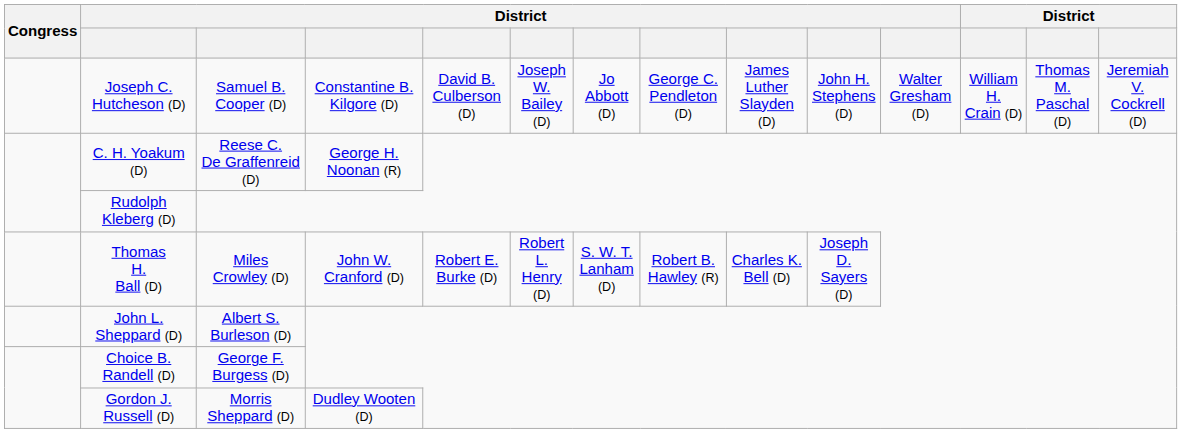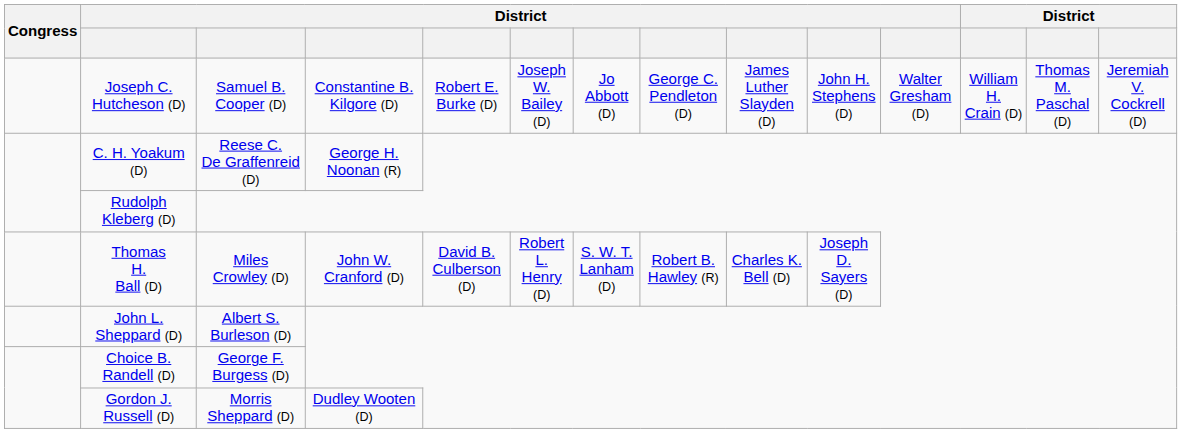 <table class=wikitable style="text-align:center">
 <tr>
 <th rowspan=2>Congress</th>
 <th colspan=10>District</th>
 <th colspan=3>District</th>
 </tr>
 <tr style="height:2em">
 <th></th>
 <th></th>
 <th></th>
 <th></th>
 <th></th>
 <th></th>
 <th></th>
 <th></th>
 <th></th>
 <th></th>
 <th></th>
 <th></th>
 <th></th>
 </tr>
 <tr style="height:2.5em">
 <td><strong></strong> </td>
 <td><a href='#'>Joseph C.<br>Hutcheson</a> <small>(D)</small></td>
 <td><a href='#'>Samuel B.<br>Cooper</a> <small>(D)</small></td>
 <td><a href='#'>Constantine B.<br>Kilgore</a> <small>(D)</small></td>
-<td><a href='#'>David B.<br>Culberson</a> <small>(D)</small></td>
+<td><a href='#'>Robert E.<br>Burke</a> <small>(D)</small></td>
 <td><a href='#'>Joseph<br>W.<br>Bailey</a> <small>(D)</small></td>
 <td><a href='#'>Jo<br>Abbott</a> <small>(D)</small></td>
 <td><a href='#'>George C.<br>Pendleton</a> <small>(D)</small></td>
 <td><a href='#'>James Luther<br>Slayden</a> <small>(D)</small></td>
 <td><a href='#'>John H.<br>Stephens</a><br><small>(D)</small></td>
 <td><a href='#'>Walter<br>Gresham</a> <small>(D)</small></td>
 <td><a href='#'>William H.<br>Crain</a> <small>(D)</small></td>
 <td><a href='#'>Thomas M.<br>Paschal</a> <small>(D)</small></td>
 <td><a href='#'>Jeremiah V.<br>Cockrell</a> <small>(D)</small></td>
 </tr>
 <tr style="height:2em">
 <td rowspan=2><strong></strong> </td>
 <td><a href='#'>C. H. Yoakum</a> <small>(D)</small></td>
 <td><a href='#'>Reese C.<br>De Graffen­reid</a> <small>(D)</small></td>
 <td><a href='#'>George H.<br>Noonan</a> <small>(R)</small></td>
 </tr>
 <tr style="height:2em">
 <td><a href='#'>Rudolph<br>Kleberg</a> <small>(D)</small></td>
 </tr>
 <tr style="height:2.5em">
 <td><strong></strong> </td>
 <td><a href='#'>Thomas<br>H.<br>Ball</a> <small>(D)</small></td>
 <td><a href='#'>Miles<br>Crowley</a> <small>(D)</small></td>
 <td><a href='#'>John W. Cranford</a> <small>(D)</small></td>
-<td><a href='#'>Robert E.<br>Burke</a> <small>(D)</small></td>
+<td><a href='#'>David B.<br>Culberson</a> <small>(D)</small></td>
 <td><a href='#'>Robert L.<br>Henry</a> <small>(D)</small></td>
 <td><a href='#'>S. W. T.<br>Lanham</a><br><small>(D)</small></td>
 <td><a href='#'>Robert B.<br>Hawley</a> <small>(R)</small></td>
 <td><a href='#'>Charles K.<br>Bell</a> <small>(D)</small></td>
 <td><a href='#'>Joseph D.<br>Sayers</a> <small>(D)</small></td>
 </tr>
 <tr style="height:2.5em">
 <td><strong></strong> </td>
 <td><a href='#'>John L.<br>Sheppard</a> <small>(D)</small></td>
 <td><a href='#'>Albert S.<br>Burleson</a> <small>(D)</small></td>
 </tr>
 <tr style="height:2em">
 <td rowspan=2><strong></strong> </td>
 <td><a href='#'>Choice B.<br>Randell</a> <small>(D)</small></td>
 <td><a href='#'>George F.<br>Burgess</a> <small>(D)</small></td>
 </tr>
 <tr style="height:2em">
 <td><a href='#'>Gordon J. Russell</a> <small>(D)</small></td>
 <td><a href='#'>Morris Sheppard</a> <small>(D)</small></td>
 <td><a href='#'>Dudley Wooten</a> <small>(D)</small></td>
 </tr>
 </table>
